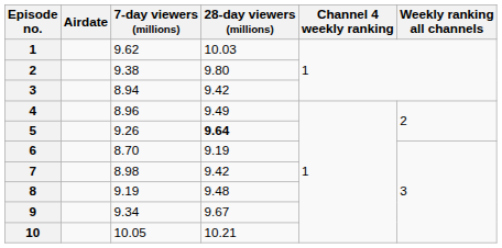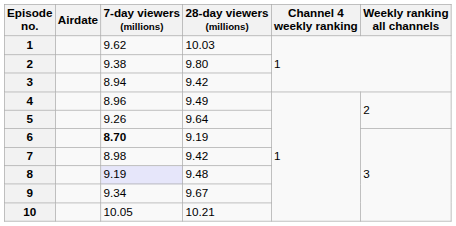 <table class="wikitable defaultcenter col2left">
 <tr>
 <th scope="col">Episode<br>no.</th>
 <th scope="col">Airdate</th>
 <th scope="col">7-day viewers<br><small>(millions)</small></th>
 <th scope="col">28-day viewers<br><small>(millions)</small></th>
 <th scope="col">Channel 4<br>weekly ranking</th>
 <th scope="col">Weekly ranking<br>all channels</th>
 </tr>
 <tr>
 <th scope="row">1</th>
 <td></td>
 <td>9.62</td>
 <td>10.03</td>
 <td colspan="2" rowspan="3">1</td>
 </tr>
 <tr>
 <th scope="row">2</th>
 <td></td>
 <td>9.38</td>
 <td>9.80</td>
 </tr>
 <tr>
 <th scope="row">3</th>
 <td></td>
 <td>8.94</td>
 <td>9.42</td>
 </tr>
 <tr>
 <th scope="row">4</th>
 <td></td>
 <td>8.96</td>
 <td>9.49</td>
 <td rowspan="7">1</td>
 <td rowspan="2">2</td>
 </tr>
 <tr>
 <th scope="row">5</th>
 <td></td>
 <td>9.26</td>
-<td><strong>9.64</strong></td>
+<td>9.64</td>
 </tr>
 <tr>
 <th scope="row">6</th>
 <td></td>
-<td>8.70</td>
+<td><strong>8.70</strong></td>
 <td>9.19</td>
 <td rowspan="5">3</td>
 </tr>
 <tr>
 <th scope="row">7</th>
 <td></td>
 <td>8.98</td>
 <td>9.42</td>
 </tr>
 <tr>
 <th scope="row">8</th>
 <td></td>
-<td>9.19</td>
+<td style="background: lavender;">9.19</td>
 <td>9.48</td>
 </tr>
 <tr>
 <th scope="row">9</th>
 <td></td>
 <td>9.34</td>
 <td>9.67</td>
 </tr>
 <tr>
 <th scope="row">10</th>
 <td></td>
 <td>10.05</td>
 <td>10.21</td>
 </tr>
 </table>
